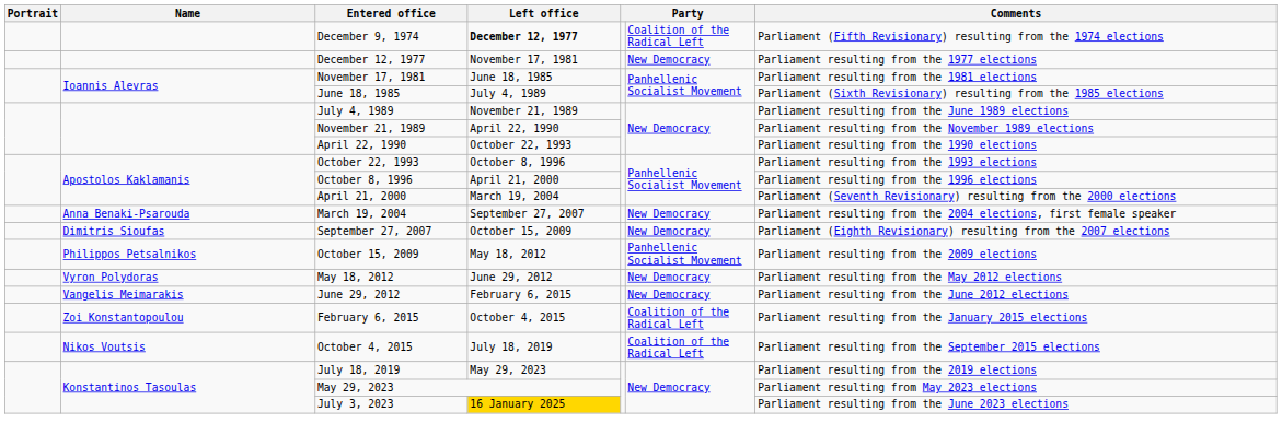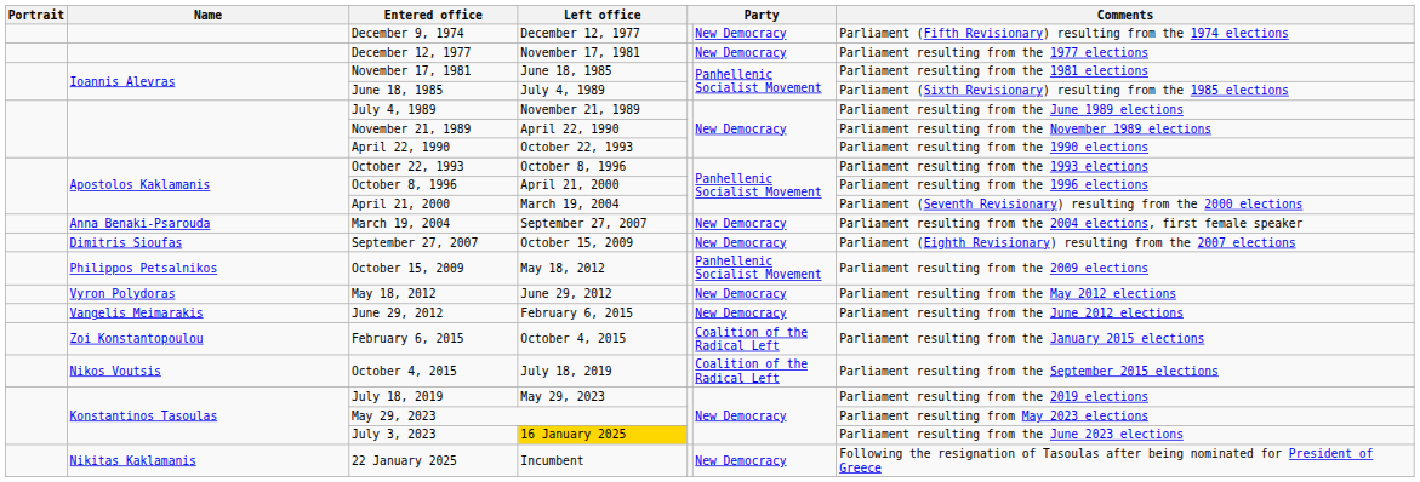 <table class="wikitable">
 <tr>
 <th style="width:50px;">Portrait</th>
 <th style="width:20%;">Name</th>
 <th style="width:12%;">Entered office</th>
 <th style="width:12%;">Left office</th>
 <th colspan="2">Party</th>
 <th style="width:41%;">Comments</th>
 </tr>
 <tr>
 <td></td>
 <td></td>
 <td>December 9, 1974</td>
-<td><strong>December 12, 1977</strong></td>
+<td>December 12, 1977</td>
 <td style="background:"></td>
-<td><a href='#'>Coalition of the Radical Left</a></td>
+<td><a href='#'>New Democracy</a></td>
 <td>Parliament (<a href='#'>Fifth Revisionary</a>) resulting from the <a href='#'>1974 elections</a></td>
 </tr>
 <tr>
 <td></td>
 <td></td>
 <td>December 12, 1977</td>
 <td>November 17, 1981</td>
 <td style="background:"></td>
 <td><a href='#'>New Democracy</a></td>
 <td>Parliament resulting from the <a href='#'>1977 elections</a></td>
 </tr>
 <tr>
 <td rowspan="2"></td>
 <td rowspan=2><a href='#'>Ioannis Alevras</a></td>
 <td>November 17, 1981</td>
 <td>June 18, 1985</td>
 <td rowspan=2 style="background:"></td>
 <td rowspan=2><a href='#'>Panhellenic Socialist Movement</a></td>
 <td>Parliament resulting from the <a href='#'>1981 elections</a></td>
 </tr>
 <tr>
 <td>June 18, 1985</td>
 <td>July 4, 1989</td>
 <td>Parliament (<a href='#'>Sixth Revisionary</a>) resulting from the <a href='#'>1985 elections</a></td>
 </tr>
 <tr>
 <td rowspan="3"></td>
 <td rowspan=3></td>
 <td>July 4, 1989</td>
 <td>November 21, 1989</td>
 <td rowspan=3 style="background:"></td>
 <td rowspan=3><a href='#'>New Democracy</a></td>
 <td>Parliament resulting from the <a href='#'>June 1989 elections</a></td>
 </tr>
 <tr>
 <td>November 21, 1989</td>
 <td>April 22, 1990</td>
 <td>Parliament resulting from the <a href='#'>November 1989 elections</a></td>
 </tr>
 <tr>
 <td>April 22, 1990</td>
 <td>October 22, 1993</td>
 <td>Parliament resulting from the <a href='#'>1990 elections</a></td>
 </tr>
 <tr>
 <td rowspan="3"></td>
 <td rowspan=3><a href='#'>Apostolos Kaklamanis</a></td>
 <td>October 22, 1993</td>
 <td>October 8, 1996</td>
 <td rowspan=3 style="background:"></td>
 <td rowspan=3><a href='#'>Panhellenic Socialist Movement</a></td>
 <td>Parliament resulting from the <a href='#'>1993 elections</a></td>
 </tr>
 <tr>
 <td>October 8, 1996</td>
 <td>April 21, 2000</td>
 <td>Parliament resulting from the <a href='#'>1996 elections</a></td>
 </tr>
 <tr>
 <td>April 21, 2000</td>
 <td>March 19, 2004</td>
 <td>Parliament (<a href='#'>Seventh Revisionary</a>) resulting from the <a href='#'>2000 elections</a></td>
 </tr>
 <tr>
 <td></td>
 <td><a href='#'>Anna Benaki-Psarouda</a></td>
 <td>March 19, 2004</td>
 <td>September 27, 2007</td>
 <td style="background:"></td>
 <td><a href='#'>New Democracy</a></td>
 <td>Parliament resulting from the <a href='#'>2004 elections</a>, first female speaker</td>
 </tr>
 <tr>
 <td></td>
 <td><a href='#'>Dimitris Sioufas</a></td>
 <td>September 27, 2007</td>
 <td>October 15, 2009</td>
 <td style="background:"></td>
 <td><a href='#'>New Democracy</a></td>
 <td>Parliament (<a href='#'>Eighth Revisionary</a>) resulting from the <a href='#'>2007 elections</a></td>
 </tr>
 <tr>
 <td></td>
 <td><a href='#'>Philippos Petsalnikos</a></td>
 <td>October 15, 2009</td>
 <td>May 18, 2012</td>
 <td style="background:"></td>
 <td><a href='#'>Panhellenic Socialist Movement</a></td>
 <td>Parliament resulting from the <a href='#'>2009 elections</a></td>
 </tr>
 <tr>
 <td></td>
 <td><a href='#'>Vyron Polydoras</a></td>
 <td>May 18, 2012</td>
 <td>June 29, 2012</td>
 <td style="background:"></td>
 <td><a href='#'>New Democracy</a></td>
 <td>Parliament resulting from the <a href='#'>May 2012 elections</a></td>
 </tr>
 <tr>
 <td></td>
 <td><a href='#'>Vangelis Meimarakis</a></td>
 <td>June 29, 2012</td>
 <td>February 6, 2015</td>
 <td style="background:"></td>
 <td><a href='#'>New Democracy</a></td>
 <td>Parliament resulting from the <a href='#'>June 2012 elections</a></td>
 </tr>
 <tr>
 <td></td>
 <td><a href='#'>Zoi Konstantopoulou</a></td>
 <td>February 6, 2015</td>
 <td>October 4, 2015</td>
 <td style="background:"></td>
 <td><a href='#'>Coalition of the Radical Left</a></td>
 <td>Parliament resulting from the <a href='#'>January 2015 elections</a></td>
 </tr>
 <tr>
 <td></td>
 <td><a href='#'>Nikos Voutsis</a></td>
 <td>October 4, 2015</td>
 <td>July 18, 2019</td>
 <td style="background:"></td>
 <td><a href='#'>Coalition of the Radical Left</a></td>
 <td>Parliament resulting from the <a href='#'>September 2015 elections</a></td>
 </tr>
 <tr>
 <td rowspan="3"></td>
 <td rowspan="3"><a href='#'>Konstantinos Tasoulas</a></td>
 <td>July 18, 2019</td>
 <td>May 29, 2023</td>
 <td rowspan="3" style="background:"></td>
 <td rowspan="3"><a href='#'>New Democracy</a></td>
 <td>Parliament resulting from the <a href='#'>2019 elections</a></td>
 </tr>
 <tr>
 <td colspan="2">May 29, 2023</td>
 <td>Parliament resulting from <a href='#'>May 2023 elections</a></td>
 </tr>
 <tr>
 <td>July 3, 2023</td>
 <td style="background: gold;">16 January 2025</td>
 <td>Parliament resulting from the <a href='#'>June 2023 elections</a></td>
 </tr>
+<tr>
+<td></td>
+<td><a href='#'>Nikitas Kaklamanis</a></td>
+<td>22 January 2025</td>
+<td>Incumbent</td>
+<td style="background:"></td>
+<td><a href='#'>New Democracy</a></td>
+<td>Following the resignation of Tasoulas after being nominated for <a href='#'>President of Greece</a></td>
+</tr>
 </table>
